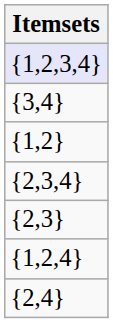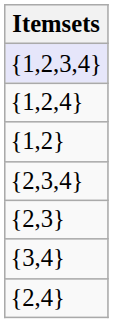 <table class="wikitable">
 <tr>
 <th>Itemsets</th>
 </tr>
 <tr>
 <td style="background: lavender;">{1,2,3,4}</td>
 </tr>
 <tr>
-<td>{3,4}</td>
+<td>{1,2,4}</td>
 </tr>
 <tr>
 <td>{1,2}</td>
 </tr>
 <tr>
 <td>{2,3,4}</td>
 </tr>
 <tr>
 <td>{2,3}</td>
 </tr>
 <tr>
-<td>{1,2,4}</td>
+<td>{3,4}</td>
 </tr>
 <tr>
 <td>{2,4}</td>
 </tr>
 </table>
